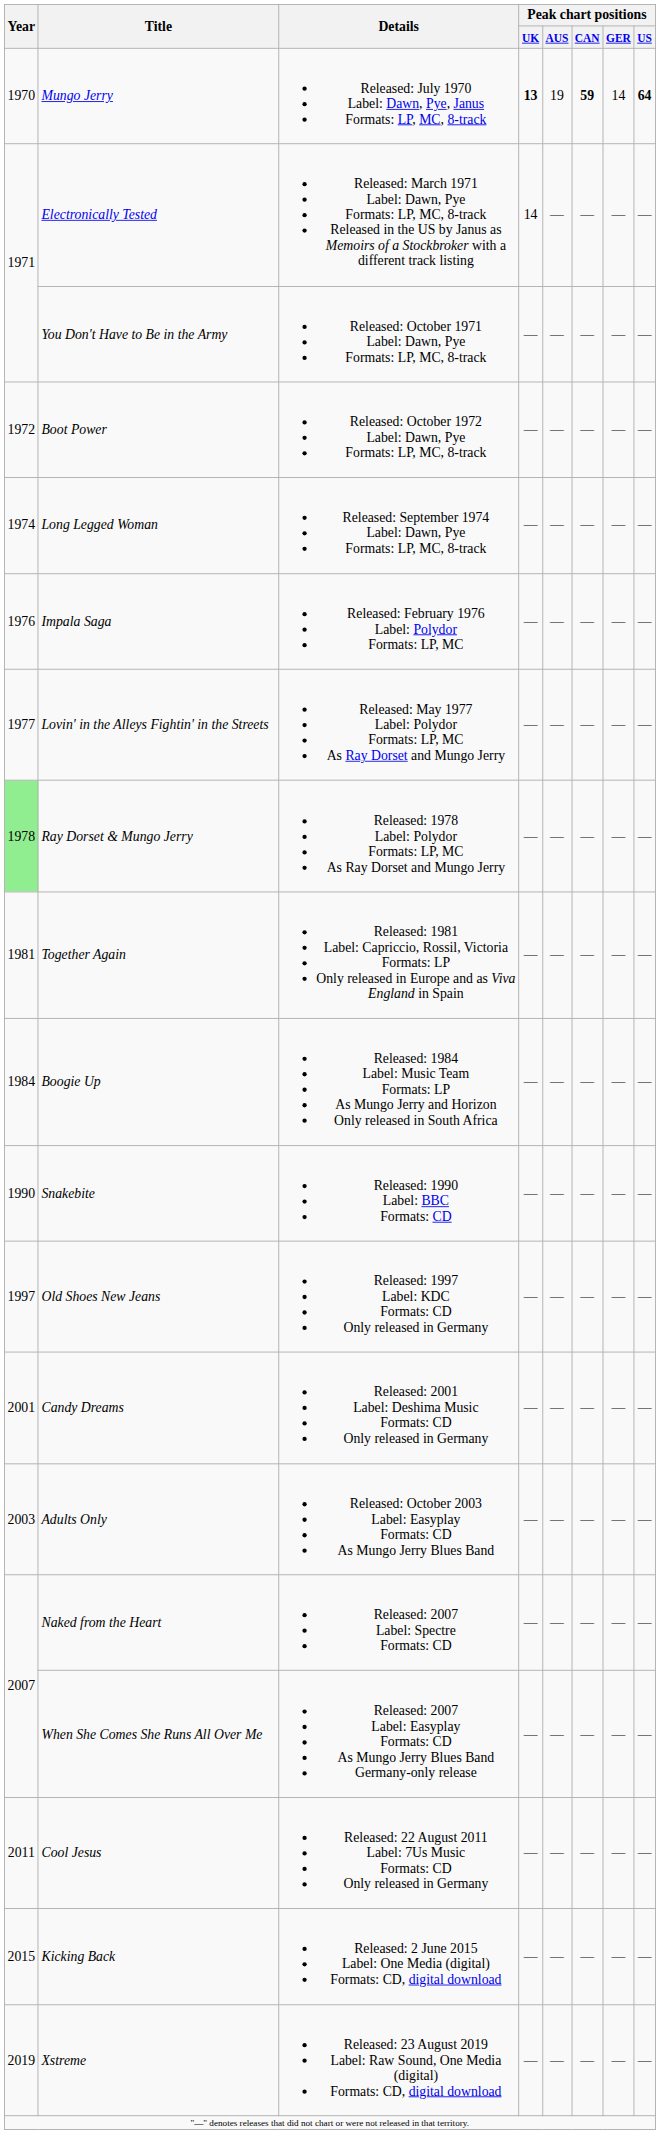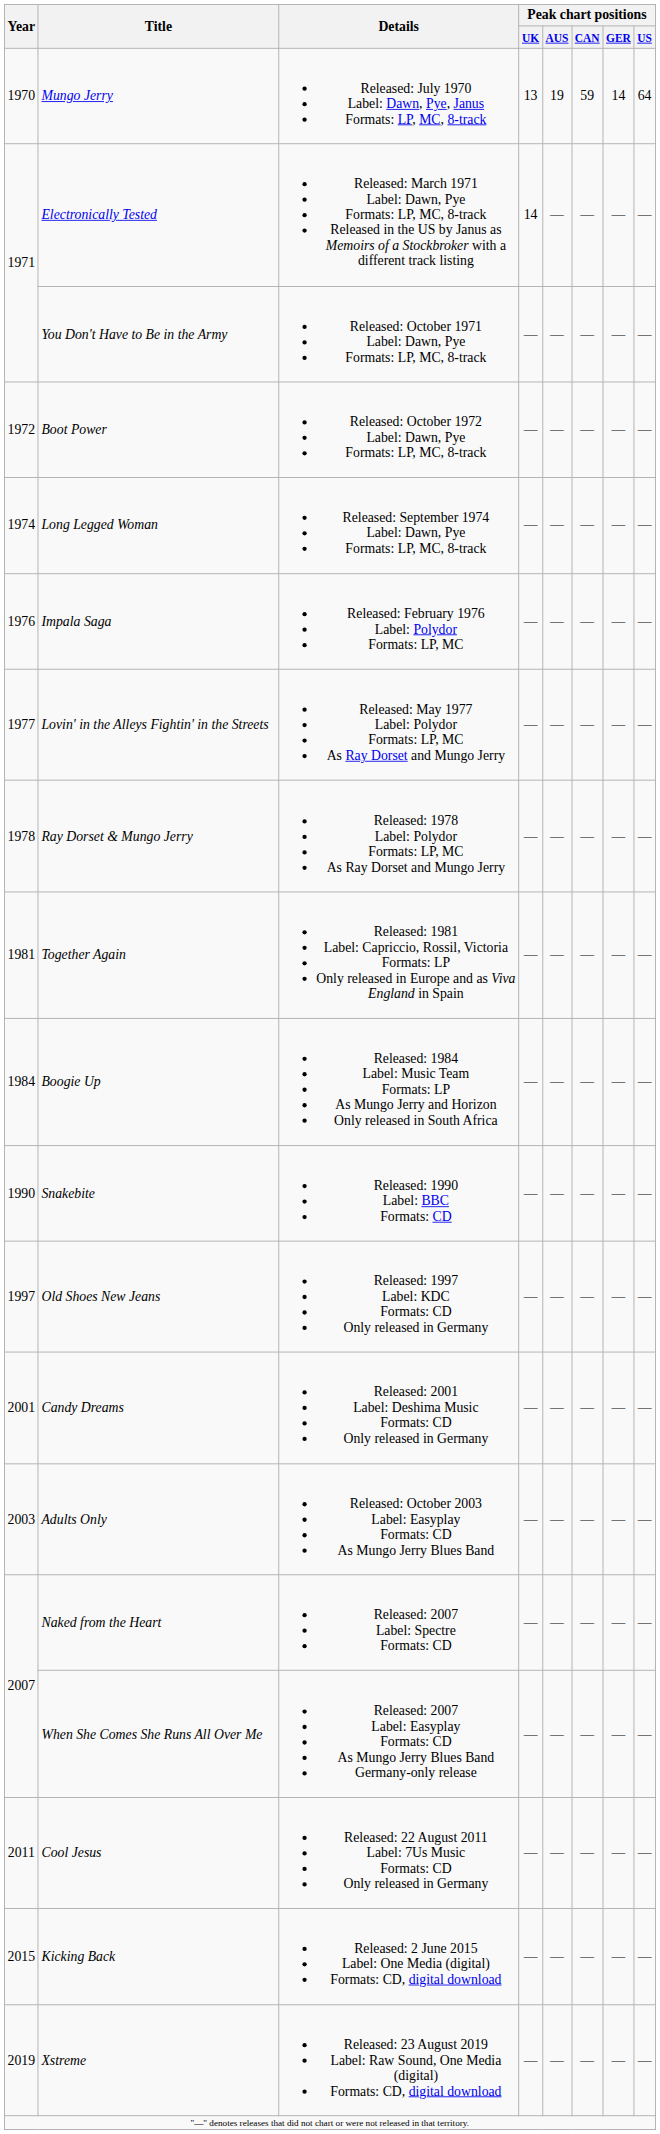 <table class="wikitable" style="text-align:center">
 <tr>
 <th rowspan="2">Year</th>
 <th rowspan="2" style="width:17em;">Title</th>
 <th rowspan="2" style="width:17em;">Details</th>
 <th colspan="5">Peak chart positions</th>
 </tr>
 <tr>
 <th><small><a href='#'>UK</a></small><br></th>
 <th><small><a href='#'>AUS</a></small><br></th>
 <th><small><a href='#'>CAN</a></small><br></th>
 <th><small><a href='#'>GER</a></small><br></th>
 <th><small><a href='#'>US</a></small><br></th>
 </tr>
 <tr>
 <td>1970</td>
 <td align="left"><em><a href='#'>Mungo Jerry</a></em></td>
 <td><br><ul><li>Released: July 1970</li><li>Label: <a href='#'>Dawn</a>, <a href='#'>Pye</a>, <a href='#'>Janus</a></li><li>Formats: <a href='#'>LP</a>, <a href='#'>MC</a>, <a href='#'>8-track</a></li></ul></td>
-<td><strong>13</strong></td>
+<td>13</td>
 <td>19</td>
-<td><strong>59</strong></td>
+<td>59</td>
 <td>14</td>
-<td><strong>64</strong></td>
+<td>64</td>
 </tr>
 <tr>
 <td rowspan="2">1971</td>
 <td align="left"><em><a href='#'>Electronically Tested</a></em></td>
 <td><br><ul><li>Released: March 1971</li><li>Label: Dawn, Pye</li><li>Formats: LP, MC, 8-track</li><li>Released in the US by Janus as <em>Memoirs of a Stockbroker</em> with a different track listing</li></ul></td>
 <td>14</td>
 <td>—</td>
 <td>—</td>
 <td>—</td>
 <td>—</td>
 </tr>
 <tr>
 <td align="left"><em>You Don't Have to Be in the Army</em></td>
 <td><br><ul><li>Released: October 1971</li><li>Label: Dawn, Pye</li><li>Formats: LP, MC, 8-track</li></ul></td>
 <td>—</td>
 <td>—</td>
 <td>—</td>
 <td>—</td>
 <td>—</td>
 </tr>
 <tr>
 <td>1972</td>
 <td align="left"><em>Boot Power</em></td>
 <td><br><ul><li>Released: October 1972</li><li>Label: Dawn, Pye</li><li>Formats: LP, MC, 8-track</li></ul></td>
 <td>—</td>
 <td>—</td>
 <td>—</td>
 <td>—</td>
 <td>—</td>
 </tr>
 <tr>
 <td>1974</td>
 <td align="left"><em>Long Legged Woman</em></td>
 <td><br><ul><li>Released: September 1974</li><li>Label: Dawn, Pye</li><li>Formats: LP, MC, 8-track</li></ul></td>
 <td>—</td>
 <td>—</td>
 <td>—</td>
 <td>—</td>
 <td>—</td>
 </tr>
 <tr>
 <td>1976</td>
 <td align="left"><em>Impala Saga</em></td>
 <td><br><ul><li>Released: February 1976</li><li>Label: <a href='#'>Polydor</a></li><li>Formats: LP, MC</li></ul></td>
 <td>—</td>
 <td>—</td>
 <td>—</td>
 <td>—</td>
 <td>—</td>
 </tr>
 <tr>
 <td>1977</td>
 <td align="left"><em>Lovin' in the Alleys Fightin' in the Streets</em></td>
 <td><br><ul><li>Released: May 1977</li><li>Label: Polydor</li><li>Formats: LP, MC</li><li>As <a href='#'>Ray Dorset</a> and Mungo Jerry</li></ul></td>
 <td>—</td>
 <td>—</td>
 <td>—</td>
 <td>—</td>
 <td>—</td>
 </tr>
 <tr>
-<td style="background: lightgreen;">1978</td>
+<td>1978</td>
 <td align="left"><em>Ray Dorset & Mungo Jerry</em></td>
 <td><br><ul><li>Released: 1978</li><li>Label: Polydor</li><li>Formats: LP, MC</li><li>As Ray Dorset and Mungo Jerry</li></ul></td>
 <td>—</td>
 <td>—</td>
 <td>—</td>
 <td>—</td>
 <td>—</td>
 </tr>
 <tr>
 <td>1981</td>
 <td align="left"><em>Together Again</em></td>
 <td><br><ul><li>Released: 1981</li><li>Label: Capriccio, Rossil, Victoria</li><li>Formats: LP</li><li>Only released in Europe and as <em>Viva England</em> in Spain</li></ul></td>
 <td>—</td>
 <td>—</td>
 <td>—</td>
 <td>—</td>
 <td>—</td>
 </tr>
 <tr>
 <td>1984</td>
 <td align="left"><em>Boogie Up</em></td>
 <td><br><ul><li>Released: 1984</li><li>Label: Music Team</li><li>Formats: LP</li><li>As Mungo Jerry and Horizon</li><li>Only released in South Africa</li></ul></td>
 <td>—</td>
 <td>—</td>
 <td>—</td>
 <td>—</td>
 <td>—</td>
 </tr>
 <tr>
 <td>1990</td>
 <td align="left"><em>Snakebite</em></td>
 <td><br><ul><li>Released: 1990</li><li>Label: <a href='#'>BBC</a></li><li>Formats: <a href='#'>CD</a></li></ul></td>
 <td>—</td>
 <td>—</td>
 <td>—</td>
 <td>—</td>
 <td>—</td>
 </tr>
 <tr>
 <td>1997</td>
 <td align="left"><em>Old Shoes New Jeans</em></td>
 <td><br><ul><li>Released: 1997</li><li>Label: KDC</li><li>Formats: CD</li><li>Only released in Germany</li></ul></td>
 <td>—</td>
 <td>—</td>
 <td>—</td>
 <td>—</td>
 <td>—</td>
 </tr>
 <tr>
 <td>2001</td>
 <td align="left"><em>Candy Dreams</em></td>
 <td><br><ul><li>Released: 2001</li><li>Label: Deshima Music</li><li>Formats: CD</li><li>Only released in Germany</li></ul></td>
 <td>—</td>
 <td>—</td>
 <td>—</td>
 <td>—</td>
 <td>—</td>
 </tr>
 <tr>
 <td>2003</td>
 <td align="left"><em>Adults Only</em></td>
 <td><br><ul><li>Released: October 2003</li><li>Label: Easyplay</li><li>Formats: CD</li><li>As Mungo Jerry Blues Band</li></ul></td>
 <td>—</td>
 <td>—</td>
 <td>—</td>
 <td>—</td>
 <td>—</td>
 </tr>
 <tr>
 <td rowspan="2">2007</td>
 <td align="left"><em>Naked from the Heart</em></td>
 <td><br><ul><li>Released: 2007</li><li>Label: Spectre</li><li>Formats: CD</li></ul></td>
 <td>—</td>
 <td>—</td>
 <td>—</td>
 <td>—</td>
 <td>—</td>
 </tr>
 <tr>
 <td align="left"><em>When She Comes She Runs All Over Me</em></td>
 <td><br><ul><li>Released: 2007</li><li>Label: Easyplay</li><li>Formats: CD</li><li>As Mungo Jerry Blues Band</li><li>Germany-only release</li></ul></td>
 <td>—</td>
 <td>—</td>
 <td>—</td>
 <td>—</td>
 <td>—</td>
 </tr>
 <tr>
 <td>2011</td>
 <td align="left"><em>Cool Jesus</em></td>
 <td><br><ul><li>Released: 22 August 2011</li><li>Label: 7Us Music</li><li>Formats: CD</li><li>Only released in Germany</li></ul></td>
 <td>—</td>
 <td>—</td>
 <td>—</td>
 <td>—</td>
 <td>—</td>
 </tr>
 <tr>
 <td>2015</td>
 <td align="left"><em>Kicking Back</em></td>
 <td><br><ul><li>Released: 2 June 2015</li><li>Label: One Media (digital)</li><li>Formats: CD, <a href='#'>digital download</a></li></ul></td>
 <td>—</td>
 <td>—</td>
 <td>—</td>
 <td>—</td>
 <td>—</td>
 </tr>
 <tr>
 <td>2019</td>
 <td align="left"><em>Xstreme</em></td>
 <td><br><ul><li>Released: 23 August 2019</li><li>Label: Raw Sound, One Media (digital)</li><li>Formats: CD, <a href='#'>digital download</a></li></ul></td>
 <td>—</td>
 <td>—</td>
 <td>—</td>
 <td>—</td>
 <td>—</td>
 </tr>
 <tr>
 <td colspan="8" style="font-size:8pt">"—" denotes releases that did not chart or were not released in that territory.</td>
 </tr>
 </table>
